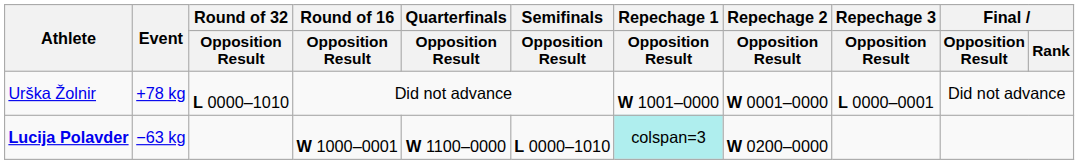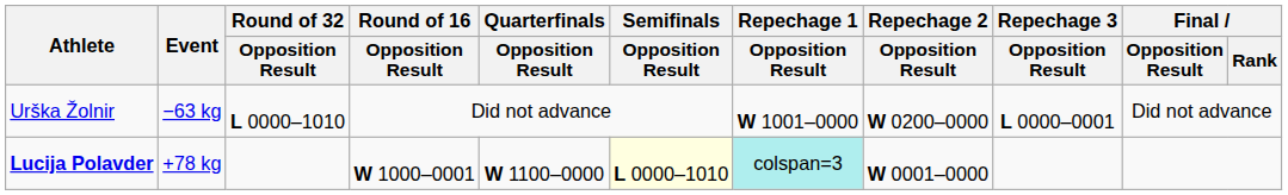 <table class="wikitable" style="font-size:90%">
 <tr>
 <th rowspan="2">Athlete</th>
 <th rowspan="2">Event</th>
 <th>Round of 32</th>
 <th>Round of 16</th>
 <th>Quarterfinals</th>
 <th>Semifinals</th>
 <th>Repechage 1</th>
 <th>Repechage 2</th>
 <th>Repechage 3</th>
 <th colspan=2>Final / </th>
 </tr>
 <tr style="font-size:95%">
 <th>Opposition<br>Result</th>
 <th>Opposition<br>Result</th>
 <th>Opposition<br>Result</th>
 <th>Opposition<br>Result</th>
 <th>Opposition<br>Result</th>
 <th>Opposition<br>Result</th>
 <th>Opposition<br>Result</th>
 <th>Opposition<br>Result</th>
 <th>Rank</th>
 </tr>
 <tr align=center>
 <td align=left><a href='#'>Urška Žolnir</a></td>
-<td align=left><a href='#'>+78 kg</a></td>
+<td align=left><a href='#'>−63 kg</a></td>
 <td><br><strong>L</strong> 0000–1010</td>
 <td colspan=3>Did not advance</td>
 <td><br><strong>W</strong> 1001–0000</td>
-<td><br><strong>W</strong> 0001–0000</td>
+<td><br><strong>W</strong> 0200–0000</td>
 <td><br><strong>L</strong> 0000–0001</td>
 <td colspan=2>Did not advance</td>
 </tr>
 <tr align=center>
 <td align=left><strong><a href='#'>Lucija Polavder</a></strong></td>
-<td align=left><a href='#'>−63 kg</a></td>
+<td align=left><a href='#'>+78 kg</a></td>
 <td></td>
 <td><br><strong>W</strong> 1000–0001</td>
 <td><br><strong>W</strong> 1100–0000</td>
-<td><br><strong>L</strong> 0000–1010</td>
+<td style="background: lightyellow;"><br><strong>L</strong> 0000–1010</td>
 <td style="background: paleturquoise;">colspan=3 </td>
-<td><br><strong>W</strong> 0200–0000</td>
+<td><br><strong>W</strong> 0001–0000</td>
 <td></td>
 </tr>
 </table>
